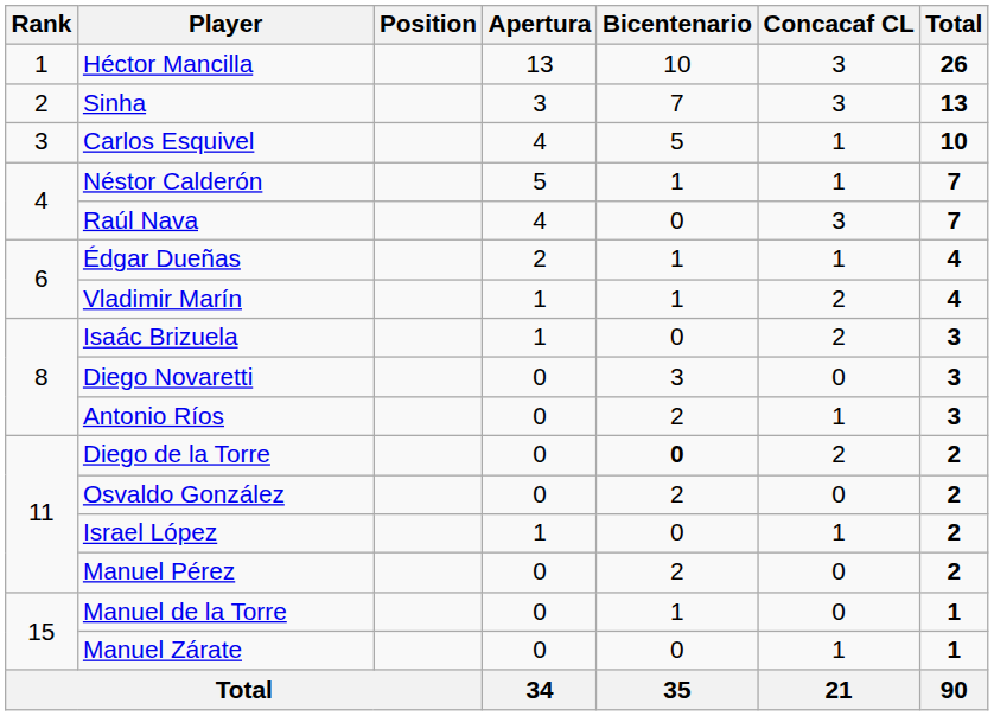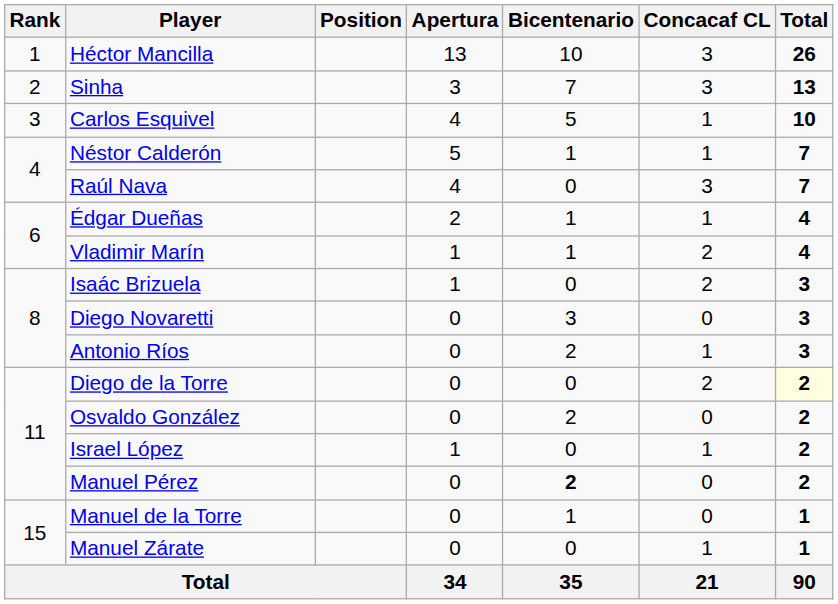 <table class="wikitable">
 <tr>
 <th>Rank</th>
 <th style="width:185px;">Player</th>
 <th>Position</th>
 <th>Apertura</th>
 <th>Bicentenario</th>
 <th>Concacaf CL</th>
 <th>Total</th>
 </tr>
 <tr>
 <td align=center>1</td>
 <td> <a href='#'>Héctor Mancilla</a></td>
 <td align=center></td>
 <td align=center>13</td>
 <td align=center>10</td>
 <td align=center>3</td>
 <td align=center><strong>26</strong></td>
 </tr>
 <tr>
 <td align=center>2</td>
 <td> <a href='#'>Sinha</a></td>
 <td align=center></td>
 <td align=center>3</td>
 <td align=center>7</td>
 <td align=center>3</td>
 <td align=center><strong>13</strong></td>
 </tr>
 <tr>
 <td align=center>3</td>
 <td> <a href='#'>Carlos Esquivel</a></td>
 <td align=center></td>
 <td align=center>4</td>
 <td align=center>5</td>
 <td align=center>1</td>
 <td align=center><strong>10</strong></td>
 </tr>
 <tr>
 <td align=center rowspan=2>4</td>
 <td> <a href='#'>Néstor Calderón</a></td>
 <td align=center></td>
 <td align=center>5</td>
 <td align=center>1</td>
 <td align=center>1</td>
 <td align=center><strong>7</strong></td>
 </tr>
 <tr>
 <td> <a href='#'>Raúl Nava</a></td>
 <td align=center></td>
 <td align=center>4</td>
 <td align=center>0</td>
 <td align=center>3</td>
 <td align=center><strong>7</strong></td>
 </tr>
 <tr>
 <td align=center rowspan=2>6</td>
 <td> <a href='#'>Édgar Dueñas</a></td>
 <td align=center></td>
 <td align=center>2</td>
 <td align=center>1</td>
 <td align=center>1</td>
 <td align=center><strong>4</strong></td>
 </tr>
 <tr>
 <td> <a href='#'>Vladimir Marín</a></td>
 <td align=center></td>
 <td align=center>1</td>
 <td align=center>1</td>
 <td align=center>2</td>
 <td align=center><strong>4</strong></td>
 </tr>
 <tr>
 <td align=center rowspan=3>8</td>
 <td> <a href='#'>Isaác Brizuela</a></td>
 <td align=center></td>
 <td align=center>1</td>
 <td align=center>0</td>
 <td align=center>2</td>
 <td align=center><strong>3</strong></td>
 </tr>
 <tr>
 <td> <a href='#'>Diego Novaretti</a></td>
 <td align=center></td>
 <td align=center>0</td>
 <td align=center>3</td>
 <td align=center>0</td>
 <td align=center><strong>3</strong></td>
 </tr>
 <tr>
 <td> <a href='#'>Antonio Ríos</a></td>
 <td align=center></td>
 <td align=center>0</td>
 <td align=center>2</td>
 <td align=center>1</td>
 <td align=center><strong>3</strong></td>
 </tr>
 <tr>
 <td align=center rowspan=4>11</td>
 <td> <a href='#'>Diego de la Torre</a></td>
 <td align=center></td>
 <td align=center>0</td>
-<td align=center><strong>0</strong></td>
+<td align=center>0</td>
 <td align=center>2</td>
-<td align=center><strong>2</strong></td>
+<td align=center style="background: lightyellow;"><strong>2</strong></td>
 </tr>
 <tr>
 <td> <a href='#'>Osvaldo González</a></td>
 <td align=center></td>
 <td align=center>0</td>
 <td align=center>2</td>
 <td align=center>0</td>
 <td align=center><strong>2</strong></td>
 </tr>
 <tr>
 <td> <a href='#'>Israel López</a></td>
 <td align=center></td>
 <td align=center>1</td>
 <td align=center>0</td>
 <td align=center>1</td>
 <td align=center><strong>2</strong></td>
 </tr>
 <tr>
 <td> <a href='#'>Manuel Pérez</a></td>
 <td align=center></td>
 <td align=center>0</td>
-<td align=center>2</td>
+<td align=center><strong>2</strong></td>
 <td align=center>0</td>
 <td align=center><strong>2</strong></td>
 </tr>
 <tr>
 <td align=center rowspan=2>15</td>
 <td> <a href='#'>Manuel de la Torre</a></td>
 <td align=center></td>
 <td align=center>0</td>
 <td align=center>1</td>
 <td align=center>0</td>
 <td align=center><strong>1</strong></td>
 </tr>
 <tr>
 <td> <a href='#'>Manuel Zárate</a></td>
 <td align=center></td>
 <td align=center>0</td>
 <td align=center>0</td>
 <td align=center>1</td>
 <td align=center><strong>1</strong></td>
 </tr>
 <tr>
 <th colspan=3>Total</th>
 <th>34</th>
 <th>35</th>
 <th>21</th>
 <th>90</th>
 </tr>
 </table>
